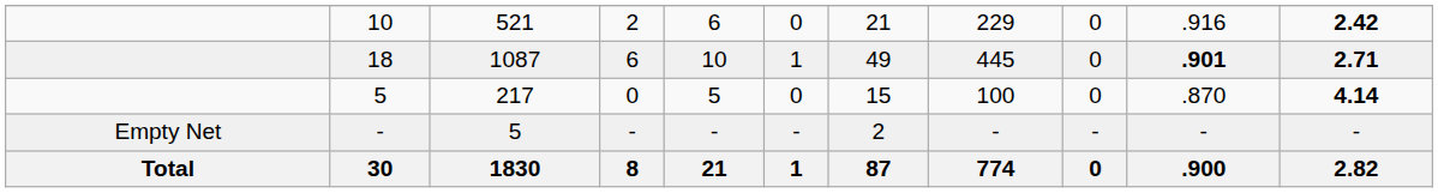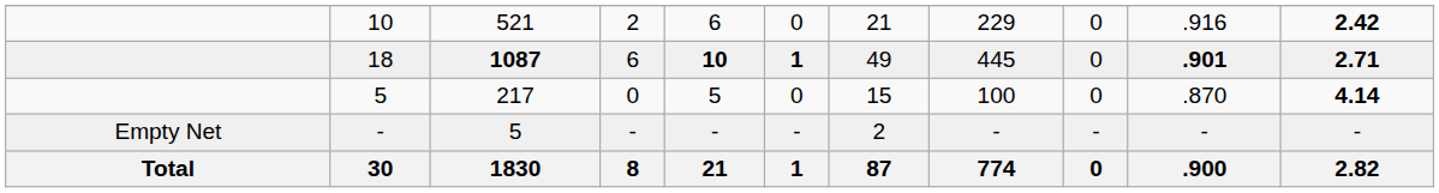 <table class="wikitable sortable" width ="1000">
 <tr align="center">
 </tr>
 <tr align="center" bgcolor="">
 <td></td>
 <td>10</td>
 <td>521</td>
 <td>2</td>
 <td>6</td>
 <td>0</td>
 <td>21</td>
 <td>229</td>
 <td>0</td>
 <td>.916</td>
 <td><strong>2.42</strong></td>
 </tr>
 <tr align="center" bgcolor="f0f0f0">
 <td></td>
 <td>18</td>
-<td>1087</td>
+<td><strong>1087</strong></td>
 <td>6</td>
-<td>10</td>
-<td>1</td>
+<td><strong>10</strong></td>
+<td><strong>1</strong></td>
 <td>49</td>
 <td>445</td>
 <td>0</td>
 <td><strong>.901</strong></td>
 <td><strong>2.71</strong></td>
 </tr>
 <tr align="center" bgcolor="">
 <td></td>
 <td>5</td>
 <td>217</td>
 <td>0</td>
 <td>5</td>
 <td>0</td>
 <td>15</td>
 <td>100</td>
 <td>0</td>
 <td>.870</td>
 <td><strong>4.14</strong></td>
 </tr>
 <tr align="center" bgcolor="f0f0f0">
 <td>Empty Net</td>
 <td>-</td>
 <td>5</td>
 <td>-</td>
 <td>-</td>
 <td>-</td>
 <td>2</td>
 <td>-</td>
 <td>-</td>
 <td>-</td>
 <td>-</td>
 </tr>
 <tr>
 <th>Total</th>
 <th>30</th>
 <th>1830</th>
 <th>8</th>
 <th>21</th>
 <th>1</th>
 <th>87</th>
 <th>774</th>
 <th>0</th>
 <th>.900</th>
 <th>2.82</th>
 </tr>
 </table>
